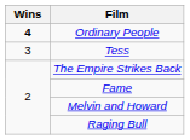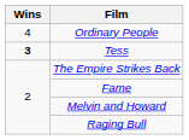 <table class="wikitable plainrowheaders" style="text-align: center;">
 <tr>
 <th scope="col" style="width:55px;">Wins</th>
 <th scope="col" style="text-align:center;">Film</th>
 </tr>
 <tr>
-<td scope="row" style="text-align:center"><strong>4</strong></td>
+<td scope="row" style="text-align:center">4</td>
 <td><em><a href='#'>Ordinary People</a></em></td>
 </tr>
 <tr>
-<td scope="row" style="text-align:center">3</td>
+<td scope="row" style="text-align:center"><strong>3</strong></td>
 <td><em><a href='#'>Tess</a></em></td>
 </tr>
 <tr>
 <td rowspan="4" scope="row" style="text-align:center">2</td>
 <td><em><a href='#'>The Empire Strikes Back</a></em></td>
 </tr>
 <tr>
 <td><em><a href='#'>Fame</a></em></td>
 </tr>
 <tr>
 <td><em><a href='#'>Melvin and Howard</a></em></td>
 </tr>
 <tr>
 <td><em><a href='#'>Raging Bull</a></em></td>
 </tr>
 </table>
